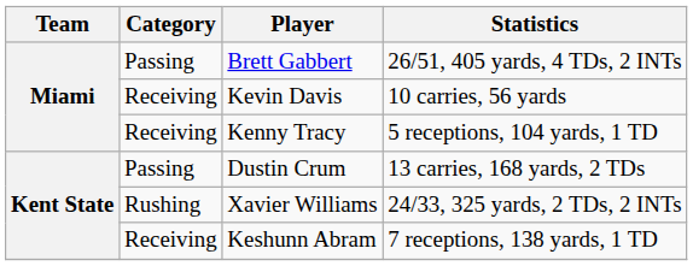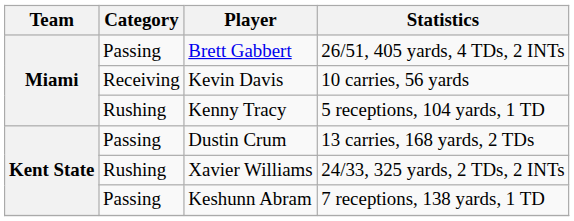 <table class="wikitable" style="float: left;">
 <tr>
 <th>Team</th>
 <th>Category</th>
 <th>Player</th>
 <th>Statistics</th>
 </tr>
 <tr>
 <th rowspan=3>Miami</th>
 <td>Passing</td>
 <td><a href='#'>Brett Gabbert</a></td>
 <td>26/51, 405 yards, 4 TDs, 2 INTs</td>
 </tr>
 <tr>
 <td>Receiving</td>
 <td>Kevin Davis</td>
 <td>10 carries, 56 yards</td>
 </tr>
 <tr>
-<td>Receiving</td>
+<td>Rushing</td>
 <td>Kenny Tracy</td>
 <td>5 receptions, 104 yards, 1 TD</td>
 </tr>
 <tr>
 <th rowspan=3 style=>Kent State</th>
 <td>Passing</td>
 <td>Dustin Crum</td>
 <td>13 carries, 168 yards, 2 TDs</td>
 </tr>
 <tr>
 <td>Rushing</td>
 <td>Xavier Williams</td>
 <td>24/33, 325 yards, 2 TDs, 2 INTs</td>
 </tr>
 <tr>
-<td>Receiving</td>
+<td>Passing</td>
 <td>Keshunn Abram</td>
 <td>7 receptions, 138 yards, 1 TD</td>
 </tr>
 <tr>
 </tr>
 </table>
